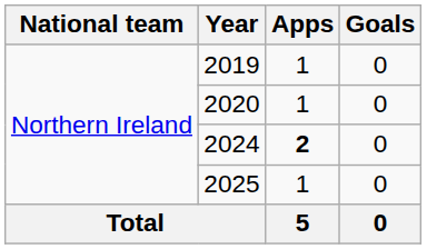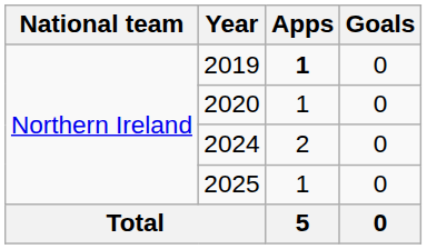 <table class=wikitable style=text-align:center>
 <tr>
 <th>National team</th>
 <th>Year</th>
 <th>Apps</th>
 <th>Goals</th>
 </tr>
 <tr>
 <td rowspan=4><a href='#'>Northern Ireland</a></td>
 <td>2019</td>
-<td>1</td>
+<td><strong>1</strong></td>
 <td>0</td>
 </tr>
 <tr>
 <td>2020</td>
 <td>1</td>
 <td>0</td>
 </tr>
 <tr>
 <td>2024</td>
-<td><strong>2</strong></td>
+<td>2</td>
 <td>0</td>
 </tr>
 <tr>
 <td>2025</td>
 <td>1</td>
 <td>0</td>
 </tr>
 <tr>
 <th colspan=2>Total</th>
 <th>5</th>
 <th>0</th>
 </tr>
 </table>
